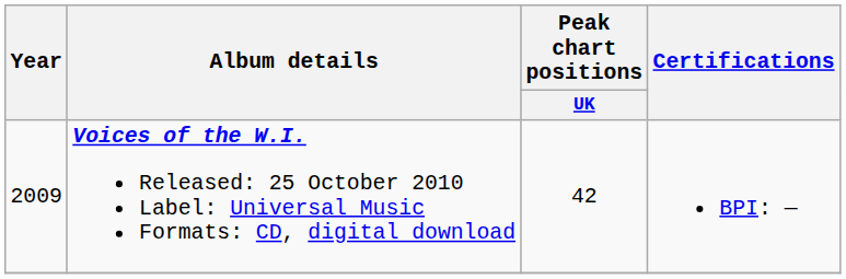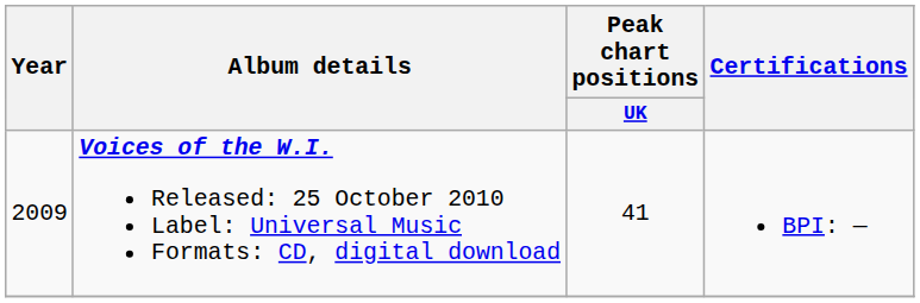 <table class="wikitable" style="text-align:center;">
 <tr>
 <th rowspan="2">Year</th>
 <th rowspan="2">Album details</th>
 <th colspan="1">Peak chart positions</th>
 <th rowspan="2"><a href='#'>Certifications</a></th>
 </tr>
 <tr style="font-size:smaller;">
 <th width="30"><a href='#'>UK</a></th>
 </tr>
 <tr>
 <td>2009</td>
 <td align="left"><strong><em><a href='#'>Voices of the W.I.</a></em></strong><br><ul><li>Released: 25 October 2010</li><li>Label: <a href='#'>Universal Music</a></li><li>Formats: <a href='#'>CD</a>, <a href='#'>digital download</a></li></ul></td>
-<td>42</td>
+<td>41</td>
 <td align="left"><br><ul><li><a href='#'>BPI</a>:  —</li></ul></td>
 </tr>
 <tr>
 </tr>
 </table>
